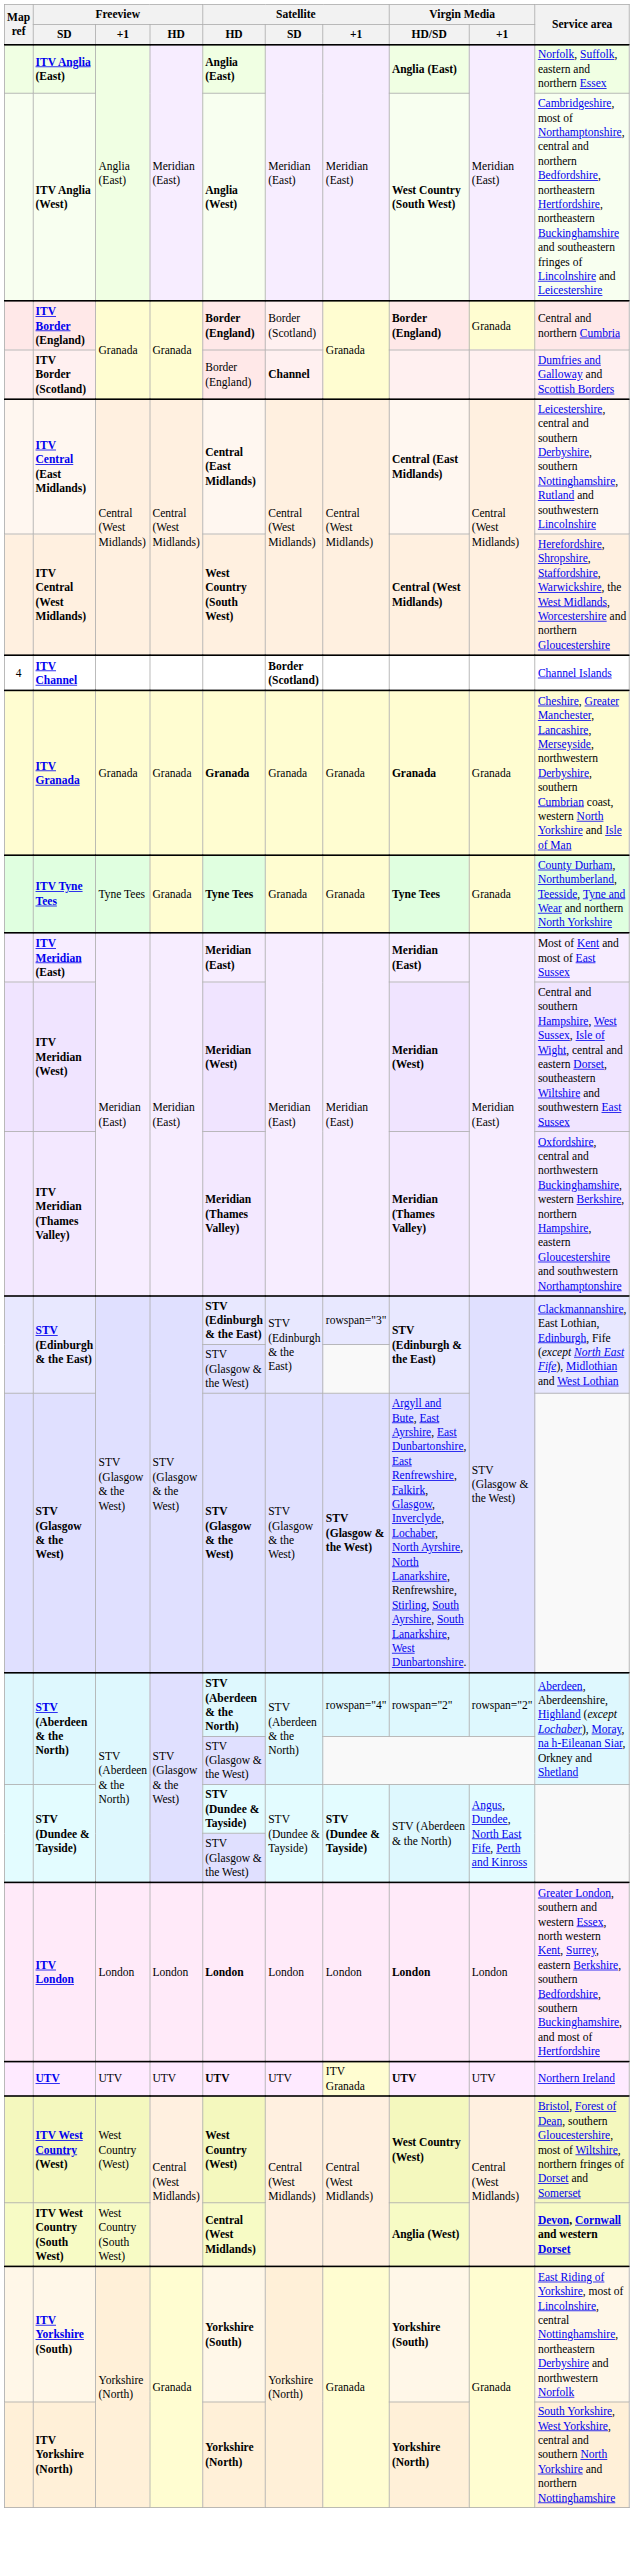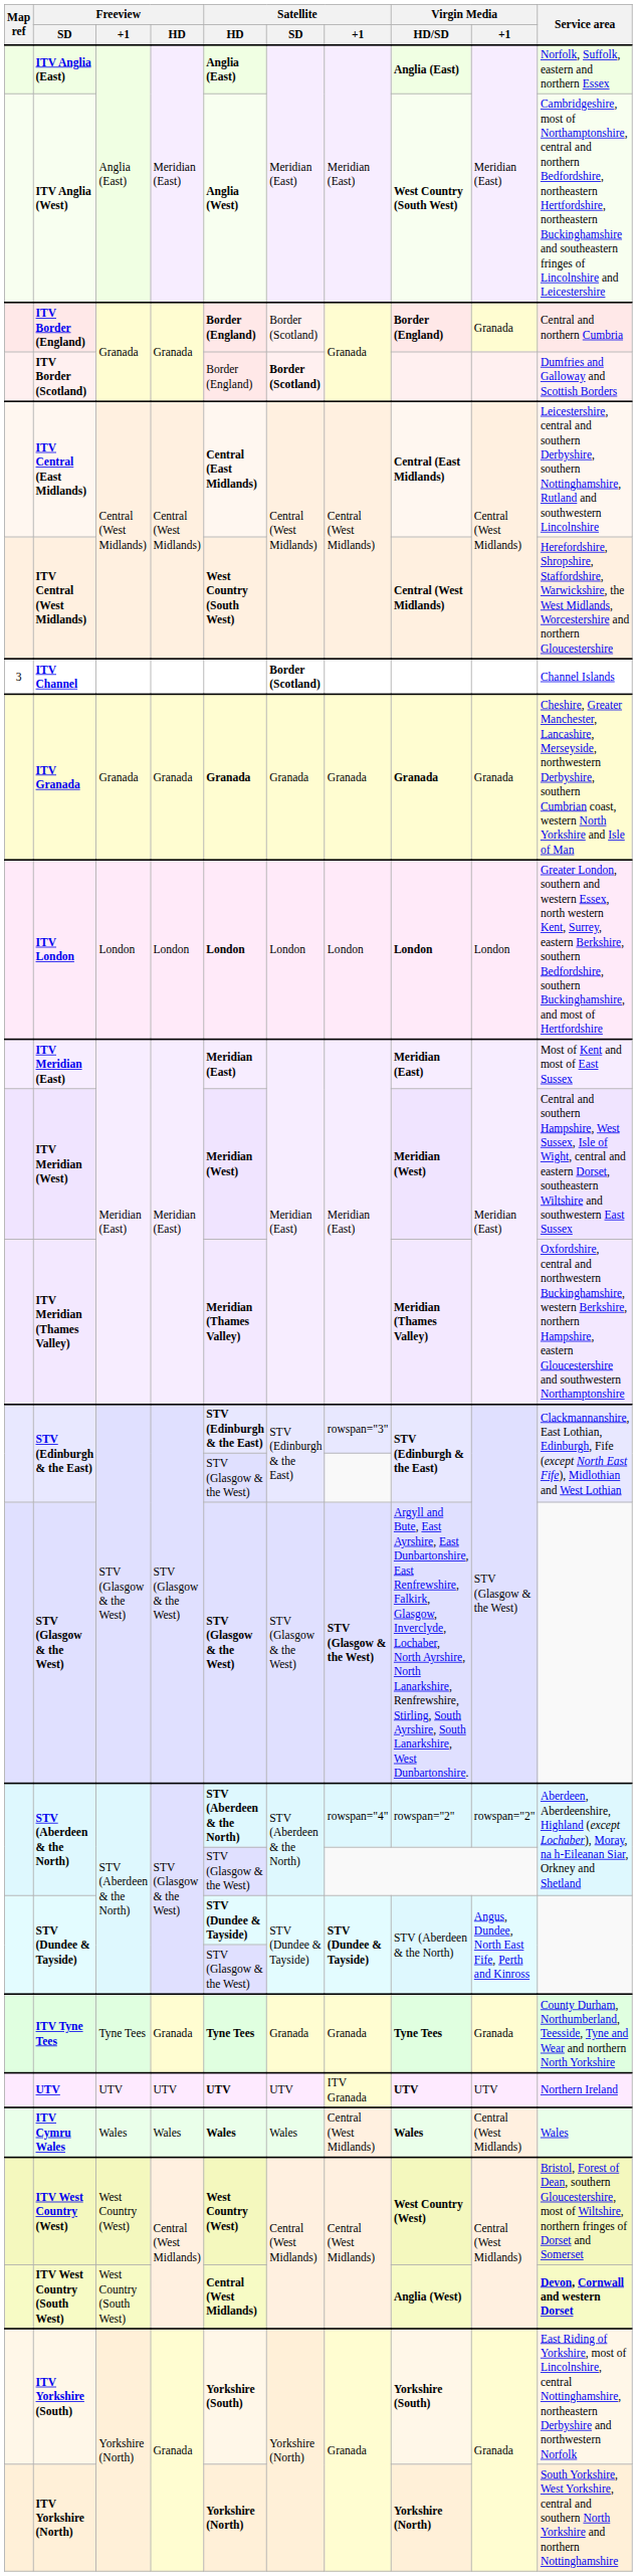 <table class="wikitable" style="font-size: 90%; line-height:125%">
 <tr>
 <th rowspan="2">Map ref</th>
 <th colspan="3">Freeview</th>
 <th colspan="3">Satellite</th>
 <th colspan="2">Virgin Media</th>
 <th rowspan="2" width="25%">Service area</th>
 </tr>
 <tr>
 <th>SD</th>
 <th>+1</th>
 <th>HD</th>
 <th>HD</th>
 <th>SD</th>
 <th>+1</th>
 <th>HD/SD</th>
 <th>+1</th>
 </tr>
 <tr style="border-top: 2px solid black; background-color:#f0ffe3;">
 <td></td>
 <td><strong><a href='#'>ITV Anglia</a> (East)</strong></td>
 <td rowspan="2">Anglia (East)</td>
 <td rowspan="2" style="background-color:#f7edff;">Meridian (East)</td>
 <td><strong>Anglia (East)</strong></td>
 <td rowspan="2" style="background-color:#f7edff;">Meridian (East)</td>
 <td rowspan="2" style="background-color:#f7edff;">Meridian (East)</td>
 <td><strong>Anglia (East)</strong></td>
 <td rowspan="2" style="background-color:#f7edff;">Meridian (East)</td>
 <td><a href='#'>Norfolk</a>, <a href='#'>Suffolk</a>, eastern and northern <a href='#'>Essex</a></td>
 </tr>
 <tr style="background-color:#f8fff0;">
 <td></td>
 <td><strong>ITV Anglia (West)</strong></td>
 <td><strong>Anglia (West)</strong></td>
 <td><strong>West Country (South West)</strong></td>
 <td><a href='#'>Cambridgeshire</a>, most of <a href='#'>Northamptonshire</a>, central and northern <a href='#'>Bedfordshire</a>, northeastern <a href='#'>Hertfordshire</a>, northeastern <a href='#'>Buckinghamshire</a> and southeastern fringes of <a href='#'>Lincolnshire</a> and <a href='#'>Leicestershire</a></td>
 </tr>
 <tr style="border-top: 2px solid black; background-color:#ffe8e8;">
 <td></td>
 <td><strong><a href='#'>ITV Border</a> (England)</strong></td>
 <td rowspan="2" style="background-color:#fffdd1;">Granada</td>
 <td rowspan="2" style="background-color:#fffdd1;">Granada</td>
 <td><strong>Border (England)</strong></td>
 <td style="background-color:#fff0f0;">Border (Scotland)</td>
 <td rowspan="2" style="background-color:#fffdd1;">Granada</td>
 <td><strong>Border (England)</strong></td>
 <td style="background-color:#fffdd1;">Granada</td>
 <td>Central and northern <a href='#'>Cumbria</a></td>
 </tr>
 <tr style="background-color:#fff0f0;">
 <td></td>
 <td><strong>ITV Border (Scotland)</strong></td>
 <td style="background-color:#ffe8e8;">Border (England)</td>
-<td><strong>Channel</strong></td>
+<td><strong>Border (Scotland)</strong></td>
 <td></td>
 <td></td>
 <td><a href='#'>Dumfries and Galloway</a> and <a href='#'>Scottish Borders</a></td>
 </tr>
 <tr style="border-top: 2px solid black; background-color:#fff7f0;">
 <td></td>
 <td><strong><a href='#'>ITV Central</a> (East Midlands)</strong></td>
 <td rowspan="2" style="background-color:#fff0e0;">Central (West Midlands)</td>
 <td rowspan="2" style="background-color:#fff0e0;">Central (West Midlands)</td>
 <td><strong>Central (East Midlands)</strong></td>
 <td rowspan="2" style="background-color:#fff0e0;">Central (West Midlands)</td>
 <td rowspan="2" style="background-color:#fff0e0;">Central (West Midlands)</td>
 <td><strong>Central (East Midlands)</strong></td>
 <td rowspan="2" style="background-color:#fff0e0;">Central (West Midlands)</td>
 <td><a href='#'>Leicestershire</a>, central and southern <a href='#'>Derbyshire</a>, southern <a href='#'>Nottinghamshire</a>, <a href='#'>Rutland</a> and southwestern <a href='#'>Lincolnshire</a></td>
 </tr>
 <tr style="background-color:#fff0e0;">
 <td></td>
 <td><strong>ITV Central (West Midlands)</strong></td>
 <td><strong>West Country (South West)</strong></td>
 <td><strong>Central (West Midlands)</strong></td>
 <td><a href='#'>Herefordshire</a>, <a href='#'>Shropshire</a>, <a href='#'>Staffordshire</a>, <a href='#'>Warwickshire</a>, the <a href='#'>West Midlands</a>, <a href='#'>Worcestershire</a> and northern <a href='#'>Gloucestershire</a></td>
 </tr>
 <tr style="border-top: 2px solid black; background-color:white;">
-<td>   4</td>
+<td>   3</td>
 <td><strong><a href='#'>ITV Channel</a></strong></td>
 <td></td>
 <td></td>
 <td></td>
 <td><strong>Border (Scotland)</strong></td>
 <td></td>
 <td></td>
 <td></td>
 <td><a href='#'>Channel Islands</a></td>
 </tr>
 <tr style="border-top: 2px solid black; background-color:#fffdd1;">
 <td></td>
 <td><strong><a href='#'>ITV Granada</a></strong></td>
 <td>Granada</td>
 <td>Granada</td>
 <td><strong>Granada</strong></td>
 <td>Granada</td>
 <td>Granada</td>
 <td><strong>Granada</strong></td>
 <td>Granada</td>
 <td><a href='#'>Cheshire</a>, <a href='#'>Greater Manchester</a>, <a href='#'>Lancashire</a>, <a href='#'>Merseyside</a>, northwestern <a href='#'>Derbyshire</a>, southern <a href='#'>Cumbrian</a> coast, western <a href='#'>North Yorkshire</a> and <a href='#'>Isle of Man</a></td>
 </tr>
-<tr style="border-top: 2px solid black; background-color:#e0ffe0;">
+<tr style="border-top: 2px solid black; background-color:#ffeaf9;">
 <td></td>
-<td><strong><a href='#'>ITV Tyne Tees</a></strong></td>
-<td>Tyne Tees</td>
-<td ITV Tyne Tees style="background-color:#fffdd1;">Granada</td>
-<td><strong>Tyne Tees</strong></td>
-<td style="background-color:#fffdd1;">Granada</td>
-<td style="background-color:#fffdd1;">Granada</td>
-<td><strong>Tyne Tees</strong></td>
-<td style="background-color:#fffdd1;">Granada</td>
-<td><a href='#'>County Durham</a>, <a href='#'>Northumberland</a>, <a href='#'>Teesside</a>, <a href='#'>Tyne and Wear</a> and northern <a href='#'>North Yorkshire</a></td>
+<td><strong><a href='#'>ITV London</a></strong></td>
+<td>London</td>
+<td>London</td>
+<td><strong>London</strong></td>
+<td>London</td>
+<td>London</td>
+<td><strong>London</strong></td>
+<td>London</td>
+<td><a href='#'>Greater London</a>, southern and western <a href='#'>Essex</a>, north western <a href='#'>Kent</a>, <a href='#'>Surrey</a>, eastern <a href='#'>Berkshire</a>, southern <a href='#'>Bedfordshire</a>, southern <a href='#'>Buckinghamshire</a>, and most of <a href='#'>Hertfordshire</a></td>
 </tr>
 <tr style="border-top: 2px solid black; background-color:#f7edff;">
 <td></td>
 <td><strong><a href='#'>ITV Meridian</a> (East)</strong></td>
 <td rowspan="3">Meridian (East)</td>
 <td rowspan="3">Meridian (East)</td>
 <td><strong>Meridian (East)</strong></td>
 <td rowspan="3">Meridian (East)</td>
 <td rowspan="3">Meridian (East)</td>
 <td><strong>Meridian (East)</strong></td>
 <td rowspan="3">Meridian (East)</td>
 <td>Most of <a href='#'>Kent</a> and most of <a href='#'>East Sussex</a></td>
 </tr>
 <tr style="background-color:#f0e4ff;">
 <td></td>
 <td><strong>ITV Meridian (West)</strong></td>
 <td><strong>Meridian (West)</strong></td>
 <td><strong>Meridian (West)</strong></td>
 <td>Central and southern <a href='#'>Hampshire</a>, <a href='#'>West Sussex</a>, <a href='#'>Isle of Wight</a>, central and eastern <a href='#'>Dorset</a>, southeastern <a href='#'>Wiltshire</a> and southwestern <a href='#'>East Sussex</a></td>
 </tr>
 <tr style="background-color:#f3e8ff;">
 <td></td>
 <td><strong>ITV Meridian (Thames Valley)</strong></td>
 <td><strong>Meridian (Thames Valley)</strong></td>
 <td><strong>Meridian (Thames Valley)</strong></td>
 <td><a href='#'>Oxfordshire</a>, central and northwestern <a href='#'>Buckinghamshire</a>, western <a href='#'>Berkshire</a>, northern <a href='#'>Hampshire</a>, eastern <a href='#'>Gloucestershire</a> and southwestern <a href='#'>Northamptonshire</a></td>
 </tr>
 <tr style="border-top: 2px solid black; background-color:#e8e8ff;">
 <td rowspan="2"></td>
 <td rowspan="2"><strong><a href='#'>STV</a> (Edinburgh & the East)</strong></td>
 <td rowspan="3" style="background-color:#e0e0ff;">STV (Glasgow & the West) </td>
 <td rowspan="3" style="background-color:#e0e0ff;">STV (Glasgow & the West)</td>
 <td> <strong>STV (Edinburgh & the East)</strong></td>
 <td rowspan="2">STV (Edinburgh & the East)</td>
 <td>rowspan="3" </td>
 <td rowspan="2"><strong>STV (Edinburgh & the East)</strong></td>
 <td rowspan="3" style="background-color:#e0e0ff;">STV (Glasgow & the West)<br></td>
 <td rowspan="2"><a href='#'>Clackmannanshire</a>, East Lothian, <a href='#'>Edinburgh</a>, Fife (<em>except <a href='#'>North East Fife</a></em>), <a href='#'>Midlothian</a> and <a href='#'>West Lothian</a></td>
 </tr>
 <tr>
 <td style="background-color:#e0e0ff;"> STV (Glasgow & the West)</td>
 </tr>
 <tr style="background-color:#e0e0ff;">
 <td></td>
 <td><strong>STV (Glasgow & the West)</strong></td>
 <td><strong>STV (Glasgow & the West)</strong></td>
 <td>STV (Glasgow & the West)</td>
 <td><strong>STV (Glasgow & the West)</strong></td>
 <td><a href='#'>Argyll and Bute</a>, <a href='#'>East Ayrshire</a>, <a href='#'>East Dunbartonshire</a>, <a href='#'>East Renfrewshire</a>, <a href='#'>Falkirk</a>, <a href='#'>Glasgow</a>, <a href='#'>Inverclyde</a>, <a href='#'>Lochaber</a>, <a href='#'>North Ayrshire</a>, <a href='#'>North Lanarkshire</a>, Renfrewshire, <a href='#'>Stirling</a>, <a href='#'>South Ayrshire</a>, <a href='#'>South Lanarkshire</a>, <a href='#'>West Dunbartonshire</a>.</td>
 </tr>
 <tr style="border-top: 2px solid black; background-color:#def8fe;">
 <td rowspan="2"></td>
 <td rowspan="2"><strong><a href='#'>STV</a> (Aberdeen & the North)</strong></td>
 <td rowspan="4">STV (Aberdeen & the North)</td>
 <td rowspan="4" style="background-color:#e0e0ff;">STV (Glasgow & the West)</td>
 <td> <strong>STV (Aberdeen & the North)</strong></td>
 <td rowspan="2">STV (Aberdeen & the North)</td>
 <td>rowspan="4" </td>
 <td>rowspan="2" </td>
 <td>rowspan="2" </td>
 <td rowspan="2"><a href='#'>Aberdeen</a>, Aberdeenshire, <a href='#'>Highland</a> (<em>except <a href='#'>Lochaber</a></em>), <a href='#'>Moray</a>, <a href='#'>na h-Eileanan Siar</a>, Orkney and <a href='#'>Shetland</a></td>
 </tr>
 <tr>
 <td style="background-color:#e0e0ff;"> STV (Glasgow & the West)</td>
 </tr>
 <tr style="background-color:#e3fcff;">
 <td rowspan="2"></td>
 <td rowspan="2"><strong>STV (Dundee & Tayside)</strong></td>
 <td> <strong>STV (Dundee & Tayside)</strong></td>
 <td rowspan="2">STV (Dundee & Tayside)</td>
 <td rowspan="2"><strong>STV (Dundee & Tayside)</strong></td>
 <td rowspan="2" style=" background-color:#def8fe;">STV (Aberdeen & the North)</td>
 <td rowspan="2"><a href='#'>Angus</a>, <a href='#'>Dundee</a>, <a href='#'>North East Fife</a>, <a href='#'>Perth and Kinross</a></td>
 </tr>
 <tr>
 <td style="background-color:#e0e0ff;"> STV (Glasgow & the West)</td>
 </tr>
-<tr style="border-top: 2px solid black; background-color:#ffeaf9;">
+<tr style="border-top: 2px solid black; background-color:#e0ffe0;">
 <td></td>
-<td><strong><a href='#'>ITV London</a></strong></td>
-<td>London</td>
-<td>London</td>
-<td><strong>London</strong></td>
-<td>London</td>
-<td>London</td>
-<td><strong>London</strong></td>
-<td>London</td>
-<td><a href='#'>Greater London</a>, southern and western <a href='#'>Essex</a>, north western <a href='#'>Kent</a>, <a href='#'>Surrey</a>, eastern <a href='#'>Berkshire</a>, southern <a href='#'>Bedfordshire</a>, southern <a href='#'>Buckinghamshire</a>, and most of <a href='#'>Hertfordshire</a></td>
+<td><strong><a href='#'>ITV Tyne Tees</a></strong></td>
+<td>Tyne Tees</td>
+<td ITV Tyne Tees style="background-color:#fffdd1;">Granada</td>
+<td><strong>Tyne Tees</strong></td>
+<td style="background-color:#fffdd1;">Granada</td>
+<td style="background-color:#fffdd1;">Granada</td>
+<td><strong>Tyne Tees</strong></td>
+<td style="background-color:#fffdd1;">Granada</td>
+<td><a href='#'>County Durham</a>, <a href='#'>Northumberland</a>, <a href='#'>Teesside</a>, <a href='#'>Tyne and Wear</a> and northern <a href='#'>North Yorkshire</a></td>
 </tr>
 <tr style="border-top: 2px solid black; background-color:#feeaff;">
 <td></td>
 <td><strong><a href='#'>UTV</a></strong></td>
 <td>UTV</td>
 <td>UTV</td>
 <td><strong>UTV</strong></td>
 <td>UTV</td>
 <td style="background-color:#fffdd1;">ITV Granada</td>
 <td><strong>UTV</strong></td>
 <td>UTV</td>
 <td><a href='#'>Northern Ireland</a></td>
+</tr>
+<tr style="border-top: 2px solid black; background-color:#eaffea;">
+<td></td>
+<td><strong><a href='#'>ITV Cymru Wales</a></strong></td>
+<td>Wales</td>
+<td>Wales</td>
+<td><strong>Wales</strong></td>
+<td>Wales</td>
+<td style="background-color:#fff0e0;">Central (West Midlands)</td>
+<td><strong>Wales</strong></td>
+<td style="background-color:#fff0e0;">Central (West Midlands)</td>
+<td><a href='#'>Wales</a></td>
 </tr>
 <tr style="border-top: 2px solid black; background-color:#f4f8be;">
 <td></td>
 <td><strong><a href='#'>ITV West Country</a> (West)</strong></td>
 <td>West Country (West)</td>
 <td rowspan="2" style="background-color:#fff0e0;">Central (West Midlands)</td>
 <td><strong>West Country (West)</strong></td>
 <td rowspan="2" style="background-color:#fff0e0;">Central (West Midlands)</td>
 <td rowspan="2" style="background-color:#fff0e0;">Central (West Midlands)</td>
 <td><strong>West Country (West)</strong></td>
 <td rowspan="2" style="background-color:#fff0e0;">Central (West Midlands)</td>
 <td><a href='#'>Bristol</a>, <a href='#'>Forest of Dean</a>, southern <a href='#'>Gloucestershire</a>, most of <a href='#'>Wiltshire</a>, northern fringes of <a href='#'>Dorset</a> and <a href='#'>Somerset</a></td>
 </tr>
 <tr style="background-color:#f7fbc5;">
 <td></td>
 <td><strong>ITV West Country (South West)</strong></td>
 <td>West Country (South West)</td>
 <td><strong>Central (West Midlands)</strong></td>
 <td><strong>Anglia (West)</strong></td>
 <td><strong><a href='#'>Devon</a>, <a href='#'>Cornwall</a> and western <a href='#'>Dorset</a></strong></td>
 </tr>
 <tr style="border-top: 2px solid black; background-color:#fff7e8;">
 <td></td>
 <td><strong><a href='#'>ITV Yorkshire</a> (South)</strong></td>
 <td rowspan="2" style="background-color:#fff0d8">Yorkshire (North)</td>
 <td rowspan="2" style="background-color:#fffdd1;">Granada</td>
 <td><strong>Yorkshire (South)</strong></td>
 <td rowspan="2" style="background-color:#fff0d8;">Yorkshire (North)</td>
 <td rowspan="2" style="background-color:#fffdd1;">Granada</td>
 <td><strong>Yorkshire (South)</strong></td>
 <td rowspan="2" style="background-color:#fffdd1;">Granada</td>
 <td><a href='#'>East Riding of Yorkshire</a>, most of <a href='#'>Lincolnshire</a>, central <a href='#'>Nottinghamshire</a>, northeastern <a href='#'>Derbyshire</a> and northwestern <a href='#'>Norfolk</a></td>
 </tr>
 <tr style="background-color:#fff0d8;">
 <td></td>
 <td><strong>ITV Yorkshire (North)</strong></td>
 <td><strong>Yorkshire (North)</strong></td>
 <td><strong>Yorkshire (North)</strong></td>
 <td><a href='#'>South Yorkshire</a>, <a href='#'>West Yorkshire</a>, central and southern <a href='#'>North Yorkshire</a> and northern <a href='#'>Nottinghamshire</a></td>
 </tr>
 </table>
